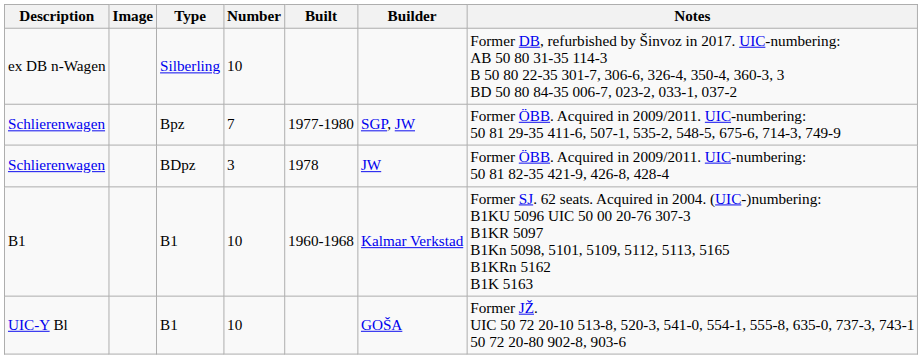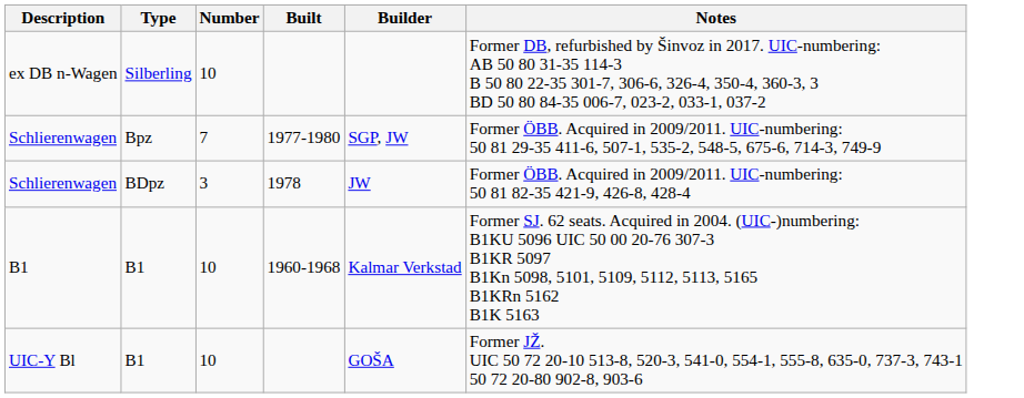 <table class="wikitable">
 <tr style="background:#f9f9f9;">
 <th>Description</th>
-<th>Image</th>
 <th>Type</th>
 <th>Number</th>
 <th>Built</th>
 <th>Builder</th>
 <th>Notes</th>
 </tr>
 <tr>
 <td>ex DB n-Wagen</td>
-<td></td>
 <td><a href='#'>Silberling</a></td>
 <td>10</td>
 <td></td>
 <td></td>
 <td>Former <a href='#'>DB</a>, refurbished by Šinvoz in 2017. <a href='#'>UIC</a>-numbering:<br>AB 50 80 31-35 114-3 <br>B 50 80 22-35 301-7, 306-6, 326-4, 350-4, 360-3, 3 <br>BD 50 80 84-35 006-7, 023-2, 033-1, 037-2</td>
 </tr>
 <tr>
 <td><a href='#'>Schlierenwagen</a></td>
-<td></td>
 <td>Bpz</td>
 <td>7</td>
 <td>1977-1980</td>
 <td><a href='#'>SGP</a>, <a href='#'>JW</a></td>
 <td>Former <a href='#'>ÖBB</a>. Acquired in 2009/2011. <a href='#'>UIC</a>-numbering:<br>50 81 29-35 411-6, 507-1, 535-2, 548-5, 675-6, 714-3, 749-9</td>
 </tr>
 <tr>
 <td><a href='#'>Schlierenwagen</a></td>
-<td></td>
 <td>BDpz</td>
 <td>3</td>
 <td>1978</td>
 <td><a href='#'>JW</a></td>
 <td>Former <a href='#'>ÖBB</a>. Acquired in 2009/2011. <a href='#'>UIC</a>-numbering:<br>50 81 82-35 421-9, 426-8, 428-4</td>
 </tr>
 <tr>
 <td>B1</td>
-<td></td>
 <td>B1</td>
 <td>10</td>
 <td>1960-1968</td>
 <td><a href='#'>Kalmar Verkstad</a></td>
 <td>Former <a href='#'>SJ</a>. 62 seats.  Acquired in 2004. (<a href='#'>UIC</a>-)numbering:<br>B1KU 5096 UIC 50 00 20-76 307-3 <br>B1KR 5097 <br>B1Kn 5098, 5101, 5109, 5112, 5113, 5165 <br>B1KRn 5162 <br>B1K 5163</td>
 </tr>
 <tr>
 <td><a href='#'>UIC-Y</a> Bl</td>
-<td></td>
 <td>B1</td>
 <td>10</td>
 <td></td>
 <td><a href='#'>GOŠA</a></td>
 <td>Former <a href='#'>JŽ</a>.<br>UIC 50 72 20-10 513-8, 520-3, 541-0, 554-1, 555-8, 635-0, 737-3, 743-1 <br>50 72 20-80 902-8, 903-6</td>
 </tr>
 </table>
